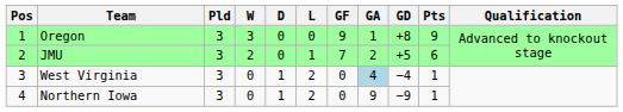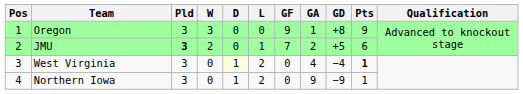 <table class="wikitable" style="text-align:center; margin: 1em auto">
 <tr>
 <th style="width:2em">Pos</th>
 <th style="width:13em">Team</th>
 <th style="width:2em">Pld</th>
 <th style="width:2em">W</th>
 <th style="width:2em">D</th>
 <th style="width:2em">L</th>
 <th style="width:2em">GF</th>
 <th style="width:2em">GA</th>
 <th style="width:2em">GD</th>
 <th style="width:2em">Pts</th>
 <th style="width:13em">Qualification</th>
 </tr>
 <tr bgcolor="#9eff9e">
 <td>1</td>
 <td style="text-align:left">Oregon</td>
 <td>3</td>
 <td>3</td>
 <td>0</td>
 <td>0</td>
 <td>9</td>
 <td>1</td>
 <td>+8</td>
 <td>9</td>
 <td rowspan="2">Advanced to knockout stage</td>
 </tr>
 <tr bgcolor="#9eff9e">
 <td>2</td>
 <td style="text-align:left">JMU</td>
-<td>3</td>
+<td><strong>3</strong></td>
 <td>2</td>
 <td>0</td>
 <td>1</td>
 <td>7</td>
 <td>2</td>
 <td>+5</td>
 <td>6</td>
 </tr>
 <tr>
 <td>3</td>
 <td style="text-align:left">West Virginia</td>
 <td>3</td>
 <td>0</td>
-<td>1</td>
+<td style="background: lightyellow;">1</td>
 <td>2</td>
 <td>0</td>
-<td style="background: lightblue;">4</td>
+<td>4</td>
 <td>−4</td>
-<td>1</td>
+<td><strong>1</strong></td>
 </tr>
 <tr>
 <td>4</td>
 <td style="text-align:left">Northern Iowa</td>
 <td>3</td>
 <td>0</td>
 <td>1</td>
 <td>2</td>
 <td>0</td>
 <td>9</td>
 <td>−9</td>
 <td>1</td>
 </tr>
 </table>
